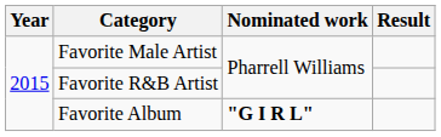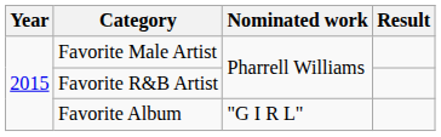 <table class="wikitable">
 <tr>
 <th>Year</th>
 <th>Category</th>
 <th>Nominated work</th>
 <th>Result</th>
 </tr>
 <tr>
 <td rowspan="3"><a href='#'>2015</a></td>
 <td>Favorite Male Artist</td>
 <td rowspan="2">Pharrell Williams</td>
 <td></td>
 </tr>
 <tr>
 <td>Favorite R&B Artist</td>
 <td></td>
 </tr>
 <tr>
 <td>Favorite Album</td>
-<td><strong>"G I R L"</strong></td>
+<td>"G I R L"</td>
 <td></td>
 </tr>
 </table>
